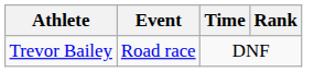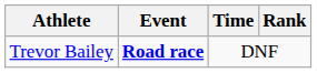 <table class=wikitable style="font-size:90%;">
 <tr>
 <th>Athlete</th>
 <th>Event</th>
 <th>Time</th>
 <th>Rank</th>
 </tr>
 <tr align=center>
 <td align=left><a href='#'>Trevor Bailey</a></td>
-<td align=left rowspan=1><a href='#'>Road race</a></td>
+<td align=left rowspan=1><strong><a href='#'>Road race</a></strong></td>
 <td colspan=2>DNF</td>
 </tr>
 </table>
